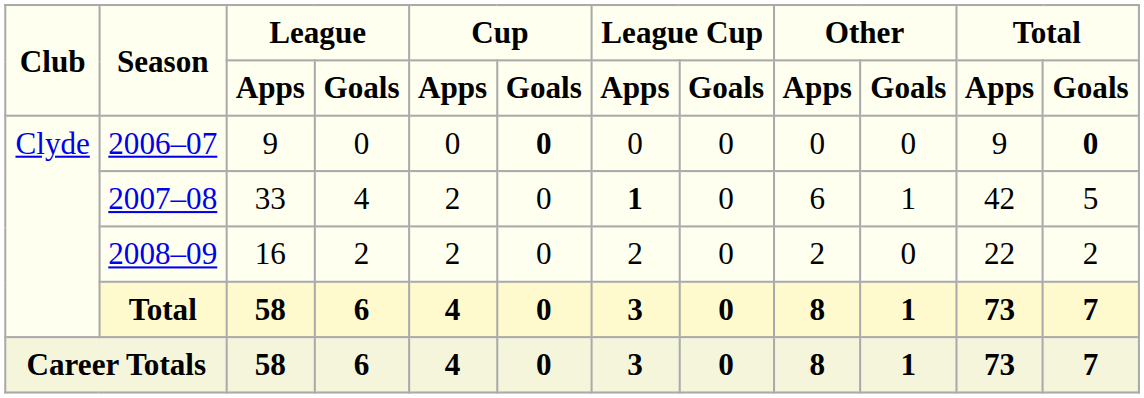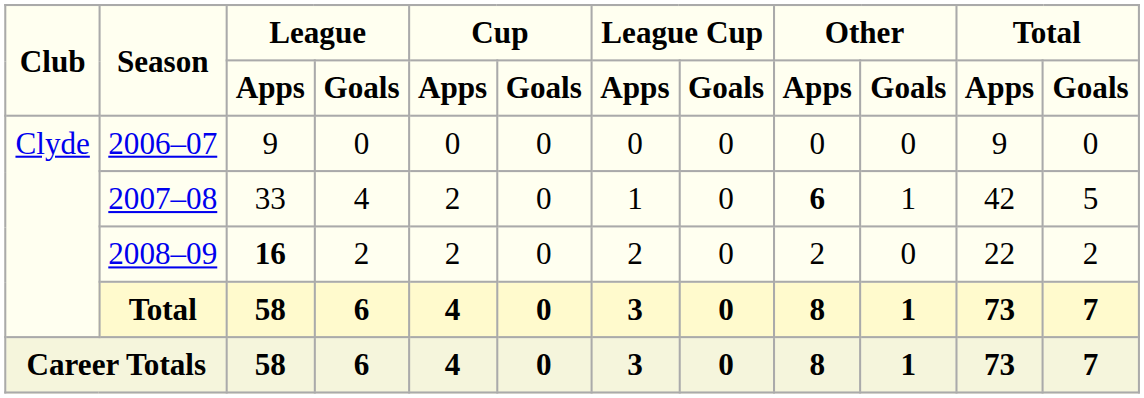 <table border=1 align=center cellpadding=4 cellspacing=2 style="background: ivory; font-size: 95%; border: 1px #aaaaaa solid; border-collapse: collapse; clear:center">
 <tr>
 <th rowspan="2">Club</th>
 <th rowspan="2">Season</th>
 <th colspan="2">League</th>
 <th colspan="2">Cup</th>
 <th colspan="2">League Cup</th>
 <th colspan="2">Other</th>
 <th colspan="2">Total</th>
 </tr>
 <tr>
 <th>Apps</th>
 <th>Goals</th>
 <th>Apps</th>
 <th>Goals</th>
 <th>Apps</th>
 <th>Goals</th>
 <th>Apps</th>
 <th>Goals</th>
 <th>Apps</th>
 <th>Goals</th>
 </tr>
 <tr align=center>
 <td rowspan="4" valign=top><a href='#'>Clyde</a></td>
 <td><a href='#'>2006–07</a></td>
 <td>9</td>
 <td>0</td>
 <td>0</td>
-<td><strong>0</strong></td>
+<td>0</td>
 <td>0</td>
 <td>0</td>
 <td>0</td>
 <td>0</td>
 <td>9</td>
-<td><strong>0</strong></td>
+<td>0</td>
 </tr>
 <tr align=center>
 <td><a href='#'>2007–08</a></td>
 <td>33</td>
 <td>4</td>
 <td>2</td>
 <td>0</td>
-<td><strong>1</strong></td>
+<td>1</td>
 <td>0</td>
-<td>6</td>
+<td><strong>6</strong></td>
 <td>1</td>
 <td>42</td>
 <td>5</td>
 </tr>
 <tr align=center>
 <td><a href='#'>2008–09</a></td>
-<td>16</td>
+<td><strong>16</strong></td>
 <td>2</td>
 <td>2</td>
 <td>0</td>
 <td>2</td>
 <td>0</td>
 <td>2</td>
 <td>0</td>
 <td>22</td>
 <td>2</td>
 </tr>
 <tr style="background:lemonchiffon">
 <th>Total</th>
 <th>58</th>
 <th>6</th>
 <th>4</th>
 <th>0</th>
 <th>3</th>
 <th>0</th>
 <th>8</th>
 <th>1</th>
 <th>73</th>
 <th>7</th>
 </tr>
 <tr style="background:beige">
 <th colspan="2">Career Totals</th>
 <th>58</th>
 <th>6</th>
 <th>4</th>
 <th>0</th>
 <th>3</th>
 <th>0</th>
 <th>8</th>
 <th>1</th>
 <th>73</th>
 <th>7</th>
 </tr>
 </table>
